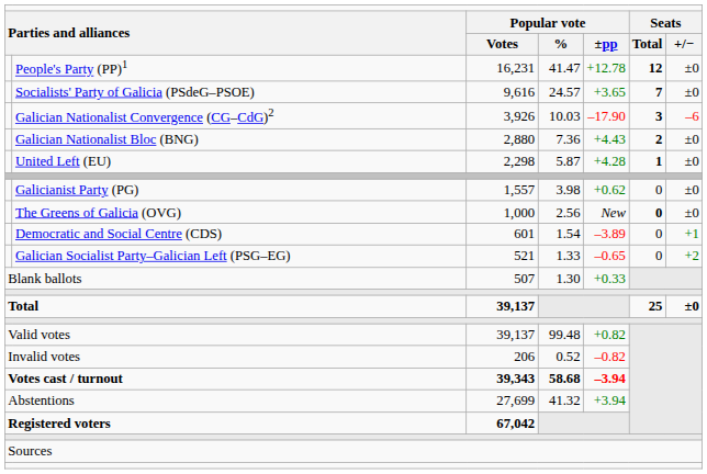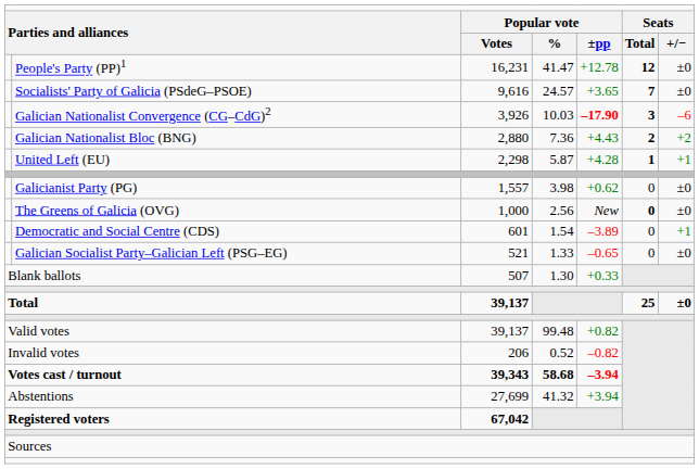 <table class="wikitable" style="text-align:right;">
 <tr>
 <td colspan="7"></td>
 </tr>
 <tr>
 <th style="text-align:left;" rowspan="2" colspan="2" width="525">Parties and alliances</th>
 <th colspan="3">Popular vote</th>
 <th colspan="2">Seats</th>
 </tr>
 <tr>
 <th width="75">Votes</th>
 <th width="45">%</th>
 <th width="45">±<a href='#'>pp</a></th>
 <th width="35">Total</th>
 <th width="35">+/−</th>
 </tr>
 <tr>
 <td width="1" style="color:inherit;background:"></td>
 <td align="left"><a href='#'>People's Party</a> (PP)<sup>1</sup></td>
 <td>16,231</td>
 <td>41.47</td>
 <td style="color:green;">+12.78</td>
 <td><strong>12</strong></td>
 <td>±0</td>
 </tr>
 <tr>
 <td style="color:inherit;background:"></td>
 <td align="left"><a href='#'>Socialists' Party of Galicia</a> (PSdeG–PSOE)</td>
 <td>9,616</td>
 <td>24.57</td>
 <td style="color:green;">+3.65</td>
 <td><strong>7</strong></td>
 <td>±0</td>
 </tr>
 <tr>
 <td style="color:inherit;background:"></td>
 <td align="left"><a href='#'>Galician Nationalist Convergence</a> (<a href='#'>CG</a>–<a href='#'>CdG</a>)<sup>2</sup></td>
 <td>3,926</td>
 <td>10.03</td>
-<td style="color:red;">–17.90</td>
+<td style="color:red;"><strong>–17.90</strong></td>
 <td><strong>3</strong></td>
 <td style="color:red;">–6</td>
 </tr>
 <tr>
 <td style="color:inherit;background:"></td>
 <td align="left"><a href='#'>Galician Nationalist Bloc</a> (BNG)</td>
 <td>2,880</td>
 <td>7.36</td>
 <td style="color:green;">+4.43</td>
 <td><strong>2</strong></td>
-<td>±0</td>
+<td style="color:green;">+2</td>
 </tr>
 <tr>
 <td style="color:inherit;background:"></td>
 <td align="left"><a href='#'>United Left</a> (EU)</td>
 <td>2,298</td>
 <td>5.87</td>
 <td style="color:green;">+4.28</td>
 <td><strong>1</strong></td>
-<td>±0</td>
+<td style="color:green;">+1</td>
 </tr>
 <tr>
 <td colspan="7" bgcolor="#C0C0C0"></td>
 </tr>
 <tr>
 <td style="color:inherit;background:"></td>
 <td align="left"><a href='#'>Galicianist Party</a> (PG)</td>
 <td>1,557</td>
 <td>3.98</td>
 <td style="color:green;">+0.62</td>
 <td>0</td>
 <td>±0</td>
 </tr>
 <tr>
 <td style="color:inherit;background:"></td>
 <td align="left"><a href='#'>The Greens of Galicia</a> (OVG)</td>
 <td>1,000</td>
 <td>2.56</td>
 <td><em>New</em></td>
 <td><strong>0</strong></td>
 <td>±0</td>
 </tr>
 <tr>
 <td style="color:inherit;background:"></td>
 <td align="left"><a href='#'>Democratic and Social Centre</a> (CDS)</td>
 <td>601</td>
 <td>1.54</td>
 <td style="color:red;">–3.89</td>
 <td>0</td>
 <td style="color:green;">+1</td>
 </tr>
 <tr>
 <td style="color:inherit;background:"></td>
 <td align="left"><a href='#'>Galician Socialist Party–Galician Left</a> (PSG–EG)</td>
 <td>521</td>
 <td>1.33</td>
 <td style="color:red;">–0.65</td>
 <td>0</td>
-<td style="color:green;">+2</td>
+<td>±0</td>
 </tr>
 <tr>
 <td align="left" colspan="2">Blank ballots</td>
 <td>507</td>
 <td>1.30</td>
 <td style="color:green;">+0.33</td>
 <td bgcolor="#E9E9E9" colspan="2"></td>
 </tr>
 <tr>
 <td colspan="7" bgcolor="#E9E9E9"></td>
 </tr>
 <tr style="font-weight:bold;">
 <td align="left" colspan="2">Total</td>
 <td>39,137</td>
 <td bgcolor="#E9E9E9" colspan="2"></td>
 <td>25</td>
 <td>±0</td>
 </tr>
 <tr>
 <td colspan="7" bgcolor="#E9E9E9"></td>
 </tr>
 <tr>
 <td align="left" colspan="2">Valid votes</td>
 <td>39,137</td>
 <td>99.48</td>
 <td style="color:green;">+0.82</td>
 <td bgcolor="#E9E9E9" colspan="2" rowspan="5"></td>
 </tr>
 <tr>
 <td align="left" colspan="2">Invalid votes</td>
 <td>206</td>
 <td>0.52</td>
 <td style="color:red;">–0.82</td>
 </tr>
 <tr style="font-weight:bold;">
 <td align="left" colspan="2">Votes cast / turnout</td>
 <td>39,343</td>
 <td>58.68</td>
 <td style="color:red;">–3.94</td>
 </tr>
 <tr>
 <td align="left" colspan="2">Abstentions</td>
 <td>27,699</td>
 <td>41.32</td>
 <td style="color:green;">+3.94</td>
 </tr>
 <tr style="font-weight:bold;">
 <td align="left" colspan="2">Registered voters</td>
 <td>67,042</td>
 <td bgcolor="#E9E9E9" colspan="2"></td>
 </tr>
 <tr>
 <td colspan="7" bgcolor="#E9E9E9"></td>
 </tr>
 <tr>
 <td align="left" colspan="7">Sources</td>
 </tr>
 <tr>
 <td colspan="7" style="text-align:left; max-width:790px;"></td>
 </tr>
 </table>
